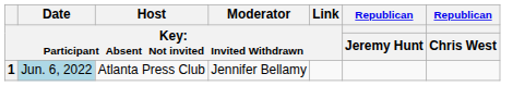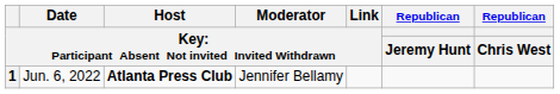 <table class="wikitable" style="text-align:center;">
 <tr>
 <th scope="col"></th>
 <th scope="col">Date</th>
 <th scope="col">Host</th>
 <th scope="col">Moderator</th>
 <th scope="col">Link</th>
 <th scope="col"><small><a href='#'>Republican</a></small></th>
 <th scope="col"><small><a href='#'>Republican</a></small></th>
 </tr>
 <tr>
 <th colspan="5" rowspan="2">Key:<br> <small>Participant </small>  <small>Absent </small>  <small>Not invited </small>  <small>Invited  Withdrawn</small></th>
 <th scope="col" style="background:"></th>
 <th scope="col" style="background:"></th>
 </tr>
 <tr>
 <th scope="col">Jeremy Hunt</th>
 <th scope="col">Chris West</th>
 </tr>
 <tr>
 <th>1</th>
-<td style="background: lightblue; white-space:nowrap;">Jun. 6, 2022</td>
-<td style="white-space:nowrap;">Atlanta Press Club</td>
+<td style="white-space:nowrap;">Jun. 6, 2022</td>
+<td style="white-space:nowrap;"><strong>Atlanta Press Club</strong></td>
 <td style="white-space:nowrap;">Jennifer Bellamy</td>
 <td style="white-space:nowrap;"></td>
 <td></td>
 <td></td>
 </tr>
 </table>
